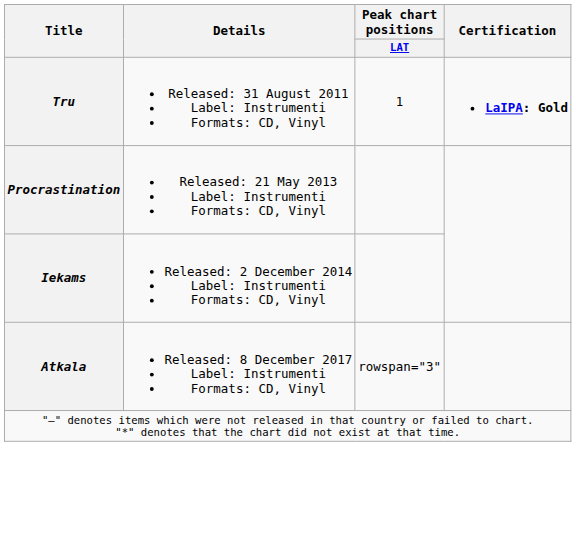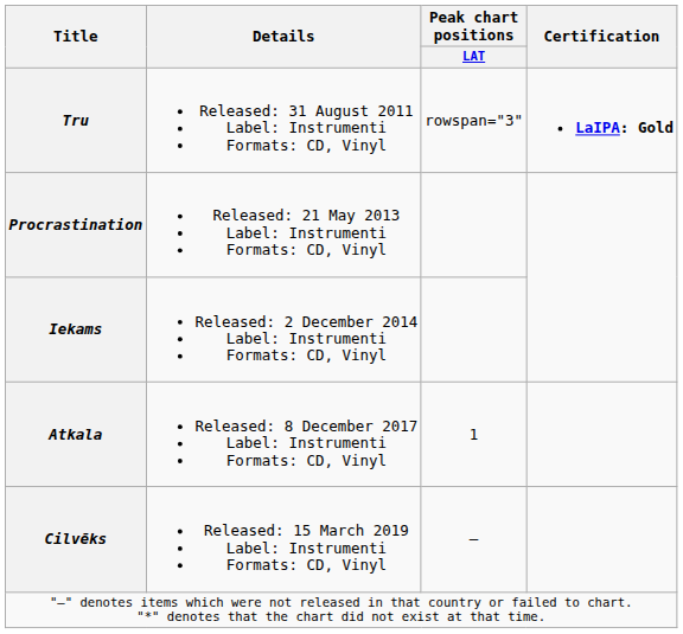 <table class="wikitable plainrowheaders" style="text-align:center;" border="1">
 <tr>
 <th scope="col" rowspan="2">Title</th>
 <th scope="col" rowspan="2">Details</th>
 <th scope="col" colspan="1">Peak chart positions</th>
 <th scope="col" rowspan="2">Certification</th>
 </tr>
 <tr>
 <th scope="col" style="width:3em;font-size:85%;"><a href='#'>LAT</a><br></th>
 </tr>
 <tr>
 <th scope="row"><em>Tru</em></th>
 <td><br><ul><li>Released: 31 August 2011</li><li>Label: Instrumenti</li><li>Formats: CD, Vinyl</li></ul></td>
-<td>1</td>
+<td>rowspan="3" </td>
 <td><strong><br><ul><li><a href='#'>LaIPA</a>: Gold</li></ul></strong></td>
 </tr>
 <tr>
 <th scope="row"><em>Procrastination</em></th>
 <td><br><ul><li>Released: 21 May 2013</li><li>Label: Instrumenti</li><li>Formats: CD, Vinyl</li></ul></td>
 <td></td>
 </tr>
 <tr>
 <th scope="row"><em>Iekams</em></th>
 <td><br><ul><li>Released: 2 December 2014</li><li>Label: Instrumenti</li><li>Formats: CD, Vinyl</li></ul></td>
 <td></td>
 </tr>
 <tr>
 <th scope="row"><em>Atkala</em></th>
 <td><br><ul><li>Released: 8 December 2017</li><li>Label: Instrumenti</li><li>Formats: CD, Vinyl</li></ul></td>
-<td>rowspan="3" </td>
+<td>1</td>
+<td></td>
+</tr>
+<tr>
+<th scope="row"><em>Cilvēks</em></th>
+<td><br><ul><li>Released: 15 March 2019</li><li>Label: Instrumenti</li><li>Formats: CD, Vinyl</li></ul></td>
+<td>—</td>
 <td></td>
 </tr>
 <tr>
 <td colspan="4" style="font-size:85%;">"—" denotes items which were not released in that country or failed to chart.<br>"*" denotes that the chart did not exist at that time.</td>
 </tr>
 </table>
